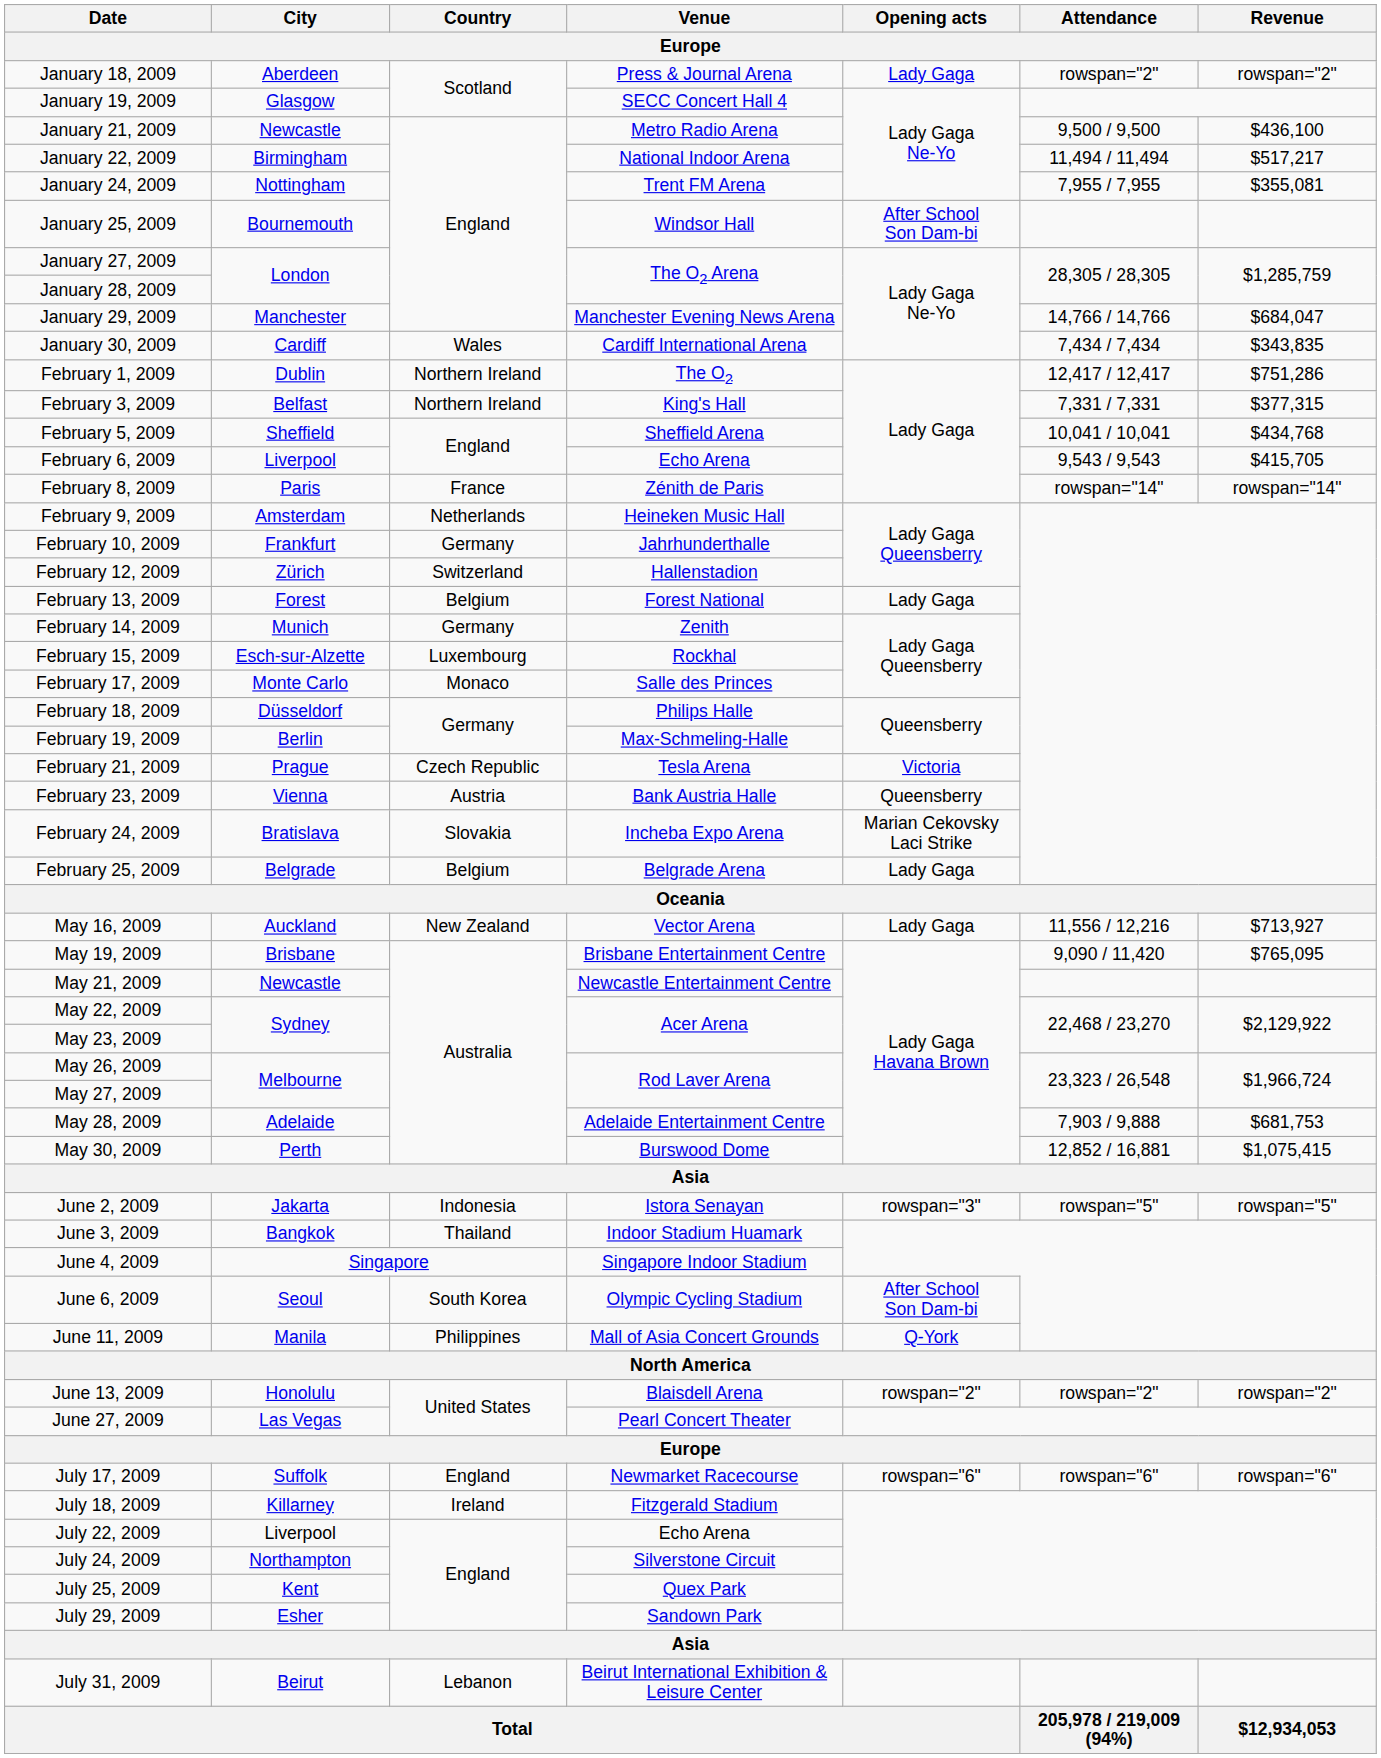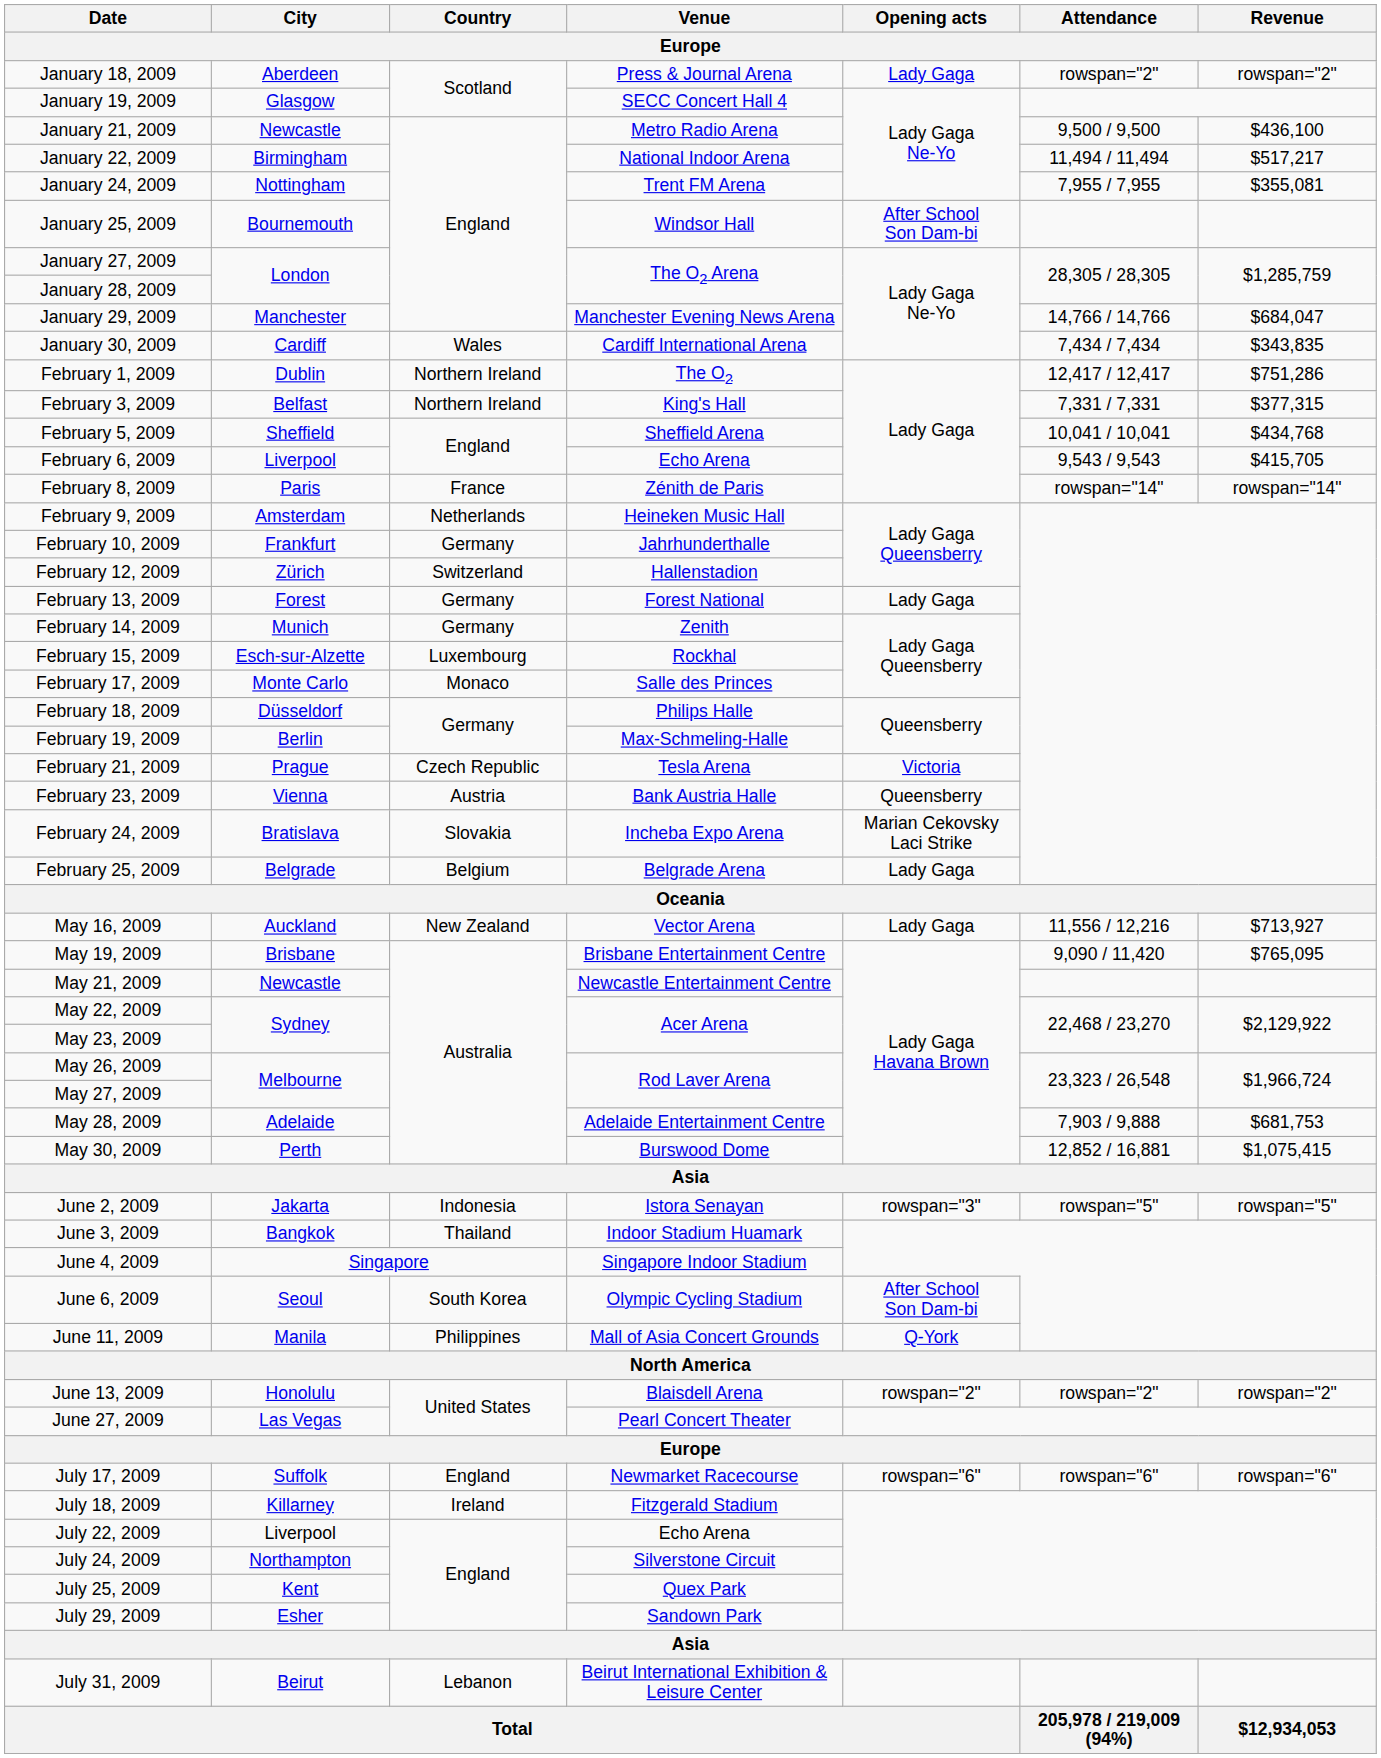 <table class="wikitable" style="text-align:center;">
 <tr>
 <th scope="col" style="width:12em;">Date</th>
 <th scope="col" style="width:10em;">City</th>
 <th scope="col" style="width:10em;">Country</th>
 <th scope="col" style="width:16em;">Venue</th>
 <th scope="col" style="width:10em;">Opening acts</th>
 <th scope="col" style="width:10em;">Attendance</th>
 <th scope="col" style="width:10em;">Revenue</th>
 </tr>
 <tr>
 <th colspan="7">Europe</th>
 </tr>
 <tr>
 <td>January 18, 2009</td>
 <td><a href='#'>Aberdeen</a></td>
 <td rowspan="2">Scotland</td>
 <td><a href='#'>Press & Journal Arena</a></td>
 <td><a href='#'>Lady Gaga</a></td>
 <td>rowspan="2" </td>
 <td>rowspan="2" </td>
 </tr>
 <tr>
 <td>January 19, 2009</td>
 <td><a href='#'>Glasgow</a></td>
 <td><a href='#'>SECC Concert Hall 4</a></td>
 <td rowspan="4">Lady Gaga<br><a href='#'>Ne-Yo</a></td>
 </tr>
 <tr>
 <td>January 21, 2009</td>
 <td><a href='#'>Newcastle</a></td>
 <td rowspan="7">England</td>
 <td><a href='#'>Metro Radio Arena</a></td>
 <td>9,500 / 9,500</td>
 <td>$436,100</td>
 </tr>
 <tr>
 <td>January 22, 2009</td>
 <td><a href='#'>Birmingham</a></td>
 <td><a href='#'>National Indoor Arena</a></td>
 <td>11,494 / 11,494</td>
 <td>$517,217</td>
 </tr>
 <tr>
 <td>January 24, 2009</td>
 <td><a href='#'>Nottingham</a></td>
 <td><a href='#'>Trent FM Arena</a></td>
 <td>7,955 / 7,955</td>
 <td>$355,081</td>
 </tr>
 <tr>
 <td>January 25, 2009</td>
 <td><a href='#'>Bournemouth</a></td>
 <td><a href='#'>Windsor Hall</a></td>
 <td><a href='#'>After School</a><br><a href='#'>Son Dam-bi</a></td>
 <td></td>
 <td></td>
 </tr>
 <tr>
 <td>January 27, 2009</td>
 <td rowspan="2"><a href='#'>London</a></td>
 <td rowspan="2"><a href='#'>The O<sub>2</sub> Arena</a></td>
 <td rowspan="4">Lady Gaga<br>Ne-Yo</td>
 <td rowspan="2">28,305 / 28,305</td>
 <td rowspan="2">$1,285,759</td>
 </tr>
 <tr>
 <td>January 28, 2009</td>
 </tr>
 <tr>
 <td>January 29, 2009</td>
 <td><a href='#'>Manchester</a></td>
 <td><a href='#'>Manchester Evening News Arena</a></td>
 <td>14,766 / 14,766</td>
 <td>$684,047</td>
 </tr>
 <tr>
 <td>January 30, 2009</td>
 <td><a href='#'>Cardiff</a></td>
 <td>Wales</td>
 <td><a href='#'>Cardiff International Arena</a></td>
 <td>7,434 / 7,434</td>
 <td>$343,835</td>
 </tr>
 <tr>
 <td>February 1, 2009</td>
 <td><a href='#'>Dublin</a></td>
 <td>Northern Ireland</td>
 <td><a href='#'>The O<sub>2</sub></a></td>
 <td rowspan="5">Lady Gaga</td>
 <td>12,417 / 12,417</td>
 <td>$751,286</td>
 </tr>
 <tr>
 <td>February 3, 2009</td>
 <td><a href='#'>Belfast</a></td>
 <td>Northern Ireland</td>
 <td><a href='#'>King's Hall</a></td>
 <td>7,331  / 7,331</td>
 <td>$377,315</td>
 </tr>
 <tr>
 <td>February 5, 2009</td>
 <td><a href='#'>Sheffield</a></td>
 <td rowspan="2">England</td>
 <td><a href='#'>Sheffield Arena</a></td>
 <td>10,041 / 10,041</td>
 <td>$434,768</td>
 </tr>
 <tr>
 <td>February 6, 2009</td>
 <td><a href='#'>Liverpool</a></td>
 <td><a href='#'>Echo Arena</a></td>
 <td>9,543 / 9,543</td>
 <td>$415,705</td>
 </tr>
 <tr>
 <td>February 8, 2009</td>
 <td><a href='#'>Paris</a></td>
 <td>France</td>
 <td><a href='#'>Zénith de Paris</a></td>
 <td>rowspan="14" </td>
 <td>rowspan="14" </td>
 </tr>
 <tr>
 <td>February 9, 2009</td>
 <td><a href='#'>Amsterdam</a></td>
 <td>Netherlands</td>
 <td><a href='#'>Heineken Music Hall</a></td>
 <td rowspan="3">Lady Gaga<br><a href='#'>Queensberry</a></td>
 </tr>
 <tr>
 <td>February 10, 2009</td>
 <td><a href='#'>Frankfurt</a></td>
 <td>Germany</td>
 <td><a href='#'>Jahrhunderthalle</a></td>
 </tr>
 <tr>
 <td>February 12, 2009</td>
 <td><a href='#'>Zürich</a></td>
 <td>Switzerland</td>
 <td><a href='#'>Hallenstadion</a></td>
 </tr>
 <tr>
 <td>February 13, 2009</td>
 <td><a href='#'>Forest</a></td>
-<td>Belgium</td>
+<td>Germany</td>
 <td><a href='#'>Forest National</a></td>
 <td>Lady Gaga</td>
 </tr>
 <tr>
 <td>February 14, 2009</td>
 <td><a href='#'>Munich</a></td>
 <td>Germany</td>
 <td><a href='#'>Zenith</a></td>
 <td rowspan="3">Lady Gaga<br>Queensberry</td>
 </tr>
 <tr>
 <td>February 15, 2009</td>
 <td><a href='#'>Esch-sur-Alzette</a></td>
 <td>Luxembourg</td>
 <td><a href='#'>Rockhal</a></td>
 </tr>
 <tr>
 <td>February 17, 2009</td>
 <td><a href='#'>Monte Carlo</a></td>
 <td>Monaco</td>
 <td><a href='#'>Salle des Princes</a></td>
 </tr>
 <tr>
 <td>February 18, 2009</td>
 <td><a href='#'>Düsseldorf</a></td>
 <td rowspan="2">Germany</td>
 <td><a href='#'>Philips Halle</a></td>
 <td rowspan="2">Queensberry</td>
 </tr>
 <tr>
 <td>February 19, 2009</td>
 <td><a href='#'>Berlin</a></td>
 <td><a href='#'>Max-Schmeling-Halle</a></td>
 </tr>
 <tr>
 <td>February 21, 2009</td>
 <td><a href='#'>Prague</a></td>
 <td>Czech Republic</td>
 <td><a href='#'>Tesla Arena</a></td>
 <td><a href='#'>Victoria</a></td>
 </tr>
 <tr>
 <td>February 23, 2009</td>
 <td><a href='#'>Vienna</a></td>
 <td>Austria</td>
 <td><a href='#'>Bank Austria Halle</a></td>
 <td>Queensberry</td>
 </tr>
 <tr>
 <td>February 24, 2009</td>
 <td><a href='#'>Bratislava</a></td>
 <td>Slovakia</td>
 <td><a href='#'>Incheba Expo Arena</a></td>
 <td>Marian Cekovsky<br>Laci Strike</td>
 </tr>
 <tr>
 <td>February 25, 2009</td>
 <td><a href='#'>Belgrade</a></td>
 <td>Belgium</td>
 <td><a href='#'>Belgrade Arena</a></td>
 <td>Lady Gaga</td>
 </tr>
 <tr>
 <th colspan="7">Oceania</th>
 </tr>
 <tr>
 <td>May 16, 2009</td>
 <td><a href='#'>Auckland</a></td>
 <td>New Zealand</td>
 <td><a href='#'>Vector Arena</a></td>
 <td>Lady Gaga</td>
 <td>11,556 / 12,216</td>
 <td>$713,927</td>
 </tr>
 <tr>
 <td>May 19, 2009</td>
 <td><a href='#'>Brisbane</a></td>
 <td rowspan="8">Australia</td>
 <td><a href='#'>Brisbane Entertainment Centre</a></td>
 <td rowspan="8">Lady Gaga<br><a href='#'>Havana Brown</a></td>
 <td>9,090 / 11,420</td>
 <td>$765,095</td>
 </tr>
 <tr>
 <td>May 21, 2009</td>
 <td><a href='#'>Newcastle</a></td>
 <td><a href='#'>Newcastle Entertainment Centre</a></td>
 <td></td>
 <td></td>
 </tr>
 <tr>
 <td>May 22, 2009</td>
 <td rowspan="2"><a href='#'>Sydney</a></td>
 <td rowspan="2"><a href='#'>Acer Arena</a></td>
 <td rowspan="2">22,468 / 23,270</td>
 <td rowspan="2">$2,129,922</td>
 </tr>
 <tr>
 <td>May 23, 2009</td>
 </tr>
 <tr>
 <td>May 26, 2009</td>
 <td rowspan="2"><a href='#'>Melbourne</a></td>
 <td rowspan="2"><a href='#'>Rod Laver Arena</a></td>
 <td rowspan="2">23,323 / 26,548</td>
 <td rowspan="2">$1,966,724</td>
 </tr>
 <tr>
 <td>May 27, 2009</td>
 </tr>
 <tr>
 <td>May 28, 2009</td>
 <td><a href='#'>Adelaide</a></td>
 <td><a href='#'>Adelaide Entertainment Centre</a></td>
 <td>7,903 / 9,888</td>
 <td>$681,753</td>
 </tr>
 <tr>
 <td>May 30, 2009</td>
 <td><a href='#'>Perth</a></td>
 <td><a href='#'>Burswood Dome</a></td>
 <td>12,852 / 16,881</td>
 <td>$1,075,415</td>
 </tr>
 <tr>
 <th colspan="7">Asia</th>
 </tr>
 <tr>
 <td>June 2, 2009</td>
 <td><a href='#'>Jakarta</a></td>
 <td>Indonesia</td>
 <td><a href='#'>Istora Senayan</a></td>
 <td>rowspan="3" </td>
 <td>rowspan="5" </td>
 <td>rowspan="5" </td>
 </tr>
 <tr>
 <td>June 3, 2009</td>
 <td><a href='#'>Bangkok</a></td>
 <td>Thailand</td>
 <td><a href='#'>Indoor Stadium Huamark</a></td>
 </tr>
 <tr>
 <td>June 4, 2009</td>
 <td colspan="2"><a href='#'>Singapore</a></td>
 <td><a href='#'>Singapore Indoor Stadium</a></td>
 </tr>
 <tr>
 <td>June 6, 2009</td>
 <td><a href='#'>Seoul</a></td>
 <td>South Korea</td>
 <td><a href='#'>Olympic Cycling Stadium</a></td>
 <td><a href='#'>After School</a><br><a href='#'>Son Dam-bi</a></td>
 </tr>
 <tr>
 <td>June 11, 2009</td>
 <td><a href='#'>Manila</a></td>
 <td>Philippines</td>
 <td><a href='#'>Mall of Asia Concert Grounds</a></td>
 <td><a href='#'>Q-York</a></td>
 </tr>
 <tr>
 <th colspan="7">North America</th>
 </tr>
 <tr>
 <td>June 13, 2009</td>
 <td><a href='#'>Honolulu</a></td>
 <td rowspan="2">United States</td>
 <td><a href='#'>Blaisdell Arena</a></td>
 <td>rowspan="2" </td>
 <td>rowspan="2" </td>
 <td>rowspan="2" </td>
 </tr>
 <tr>
 <td>June 27, 2009</td>
 <td><a href='#'>Las Vegas</a></td>
 <td><a href='#'>Pearl Concert Theater</a></td>
 </tr>
 <tr>
 <th colspan="7">Europe</th>
 </tr>
 <tr>
 <td>July 17, 2009</td>
 <td><a href='#'>Suffolk</a></td>
 <td>England</td>
 <td><a href='#'>Newmarket Racecourse</a></td>
 <td>rowspan="6" </td>
 <td>rowspan="6" </td>
 <td>rowspan="6" </td>
 </tr>
 <tr>
 <td>July 18, 2009</td>
 <td><a href='#'>Killarney</a></td>
 <td>Ireland</td>
 <td><a href='#'>Fitzgerald Stadium</a></td>
 </tr>
 <tr>
 <td>July 22, 2009</td>
 <td>Liverpool</td>
 <td rowspan="4">England</td>
 <td>Echo Arena</td>
 </tr>
 <tr>
 <td>July 24, 2009</td>
 <td><a href='#'>Northampton</a></td>
 <td><a href='#'>Silverstone Circuit</a></td>
 </tr>
 <tr>
 <td>July 25, 2009</td>
 <td><a href='#'>Kent</a></td>
 <td><a href='#'>Quex Park</a></td>
 </tr>
 <tr>
 <td>July 29, 2009</td>
 <td><a href='#'>Esher</a></td>
 <td><a href='#'>Sandown Park</a></td>
 </tr>
 <tr>
 <th colspan="7">Asia</th>
 </tr>
 <tr>
 <td>July 31, 2009</td>
 <td><a href='#'>Beirut</a></td>
 <td>Lebanon</td>
 <td><a href='#'>Beirut International Exhibition & Leisure Center</a></td>
 <td></td>
 <td></td>
 <td></td>
 </tr>
 <tr>
 <th colspan="5"><strong>Total</strong></th>
 <th>205,978 / 219,009 (94%)</th>
 <th>$12,934,053</th>
 </tr>
 <tr>
 </tr>
 </table>
